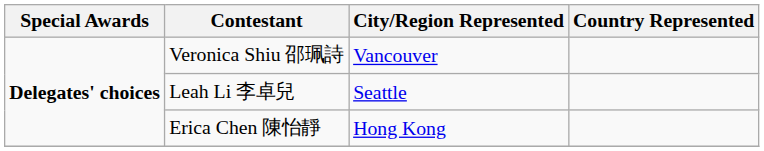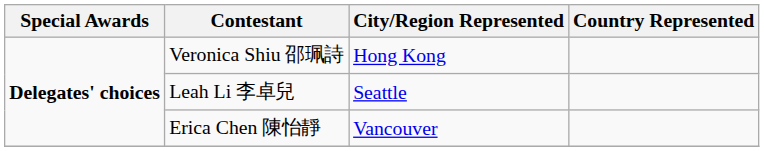 <table class="wikitable sortable" style="font-size:95%;">
 <tr>
 <th>Special Awards</th>
 <th>Contestant</th>
 <th>City/Region Represented</th>
 <th>Country Represented</th>
 </tr>
 <tr>
 <td rowspan="3"><strong>Delegates' choices</strong></td>
 <td>Veronica Shiu 邵珮詩</td>
-<td><a href='#'>Vancouver</a></td>
+<td><a href='#'>Hong Kong</a></td>
 <td></td>
 </tr>
 <tr>
 <td>Leah Li 李卓兒</td>
 <td><a href='#'>Seattle</a></td>
 <td></td>
 </tr>
 <tr>
 <td>Erica Chen 陳怡靜</td>
-<td><a href='#'>Hong Kong</a></td>
+<td><a href='#'>Vancouver</a></td>
 <td></td>
 </tr>
 <tr>
 </tr>
 </table>
